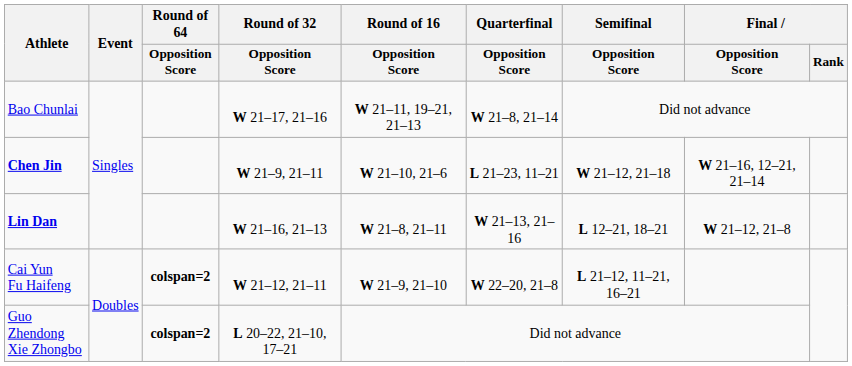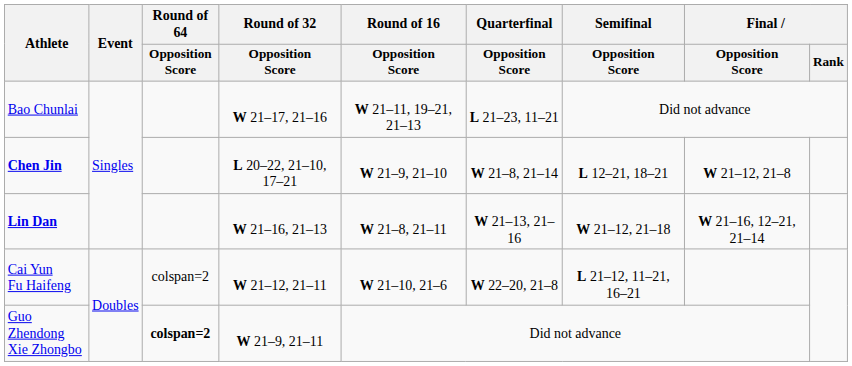 <table class=wikitable style="font-size:90%">
 <tr>
 <th rowspan="2">Athlete</th>
 <th rowspan="2">Event</th>
 <th>Round of 64</th>
 <th>Round of 32</th>
 <th>Round of 16</th>
 <th>Quarterfinal</th>
 <th>Semifinal</th>
 <th colspan=2>Final / </th>
 </tr>
 <tr style="font-size:95%">
 <th>Opposition<br>Score</th>
 <th>Opposition<br>Score</th>
 <th>Opposition<br>Score</th>
 <th>Opposition<br>Score</th>
 <th>Opposition<br>Score</th>
 <th>Opposition<br>Score</th>
 <th>Rank</th>
 </tr>
 <tr align=center>
 <td align=left><a href='#'>Bao Chunlai</a></td>
 <td align=left rowspan=3><a href='#'>Singles</a></td>
 <td></td>
 <td><br><strong>W</strong> 21–17, 21–16</td>
 <td><br><strong>W</strong> 21–11, 19–21, 21–13</td>
-<td><br><strong>W</strong> 21–8, 21–14</td>
+<td><br><strong>L</strong> 21–23, 11–21</td>
 <td colspan=3>Did not advance</td>
 </tr>
 <tr align=center>
 <td align=left><strong><a href='#'>Chen Jin</a></strong></td>
 <td></td>
-<td><br><strong>W</strong> 21–9, 21–11</td>
-<td><br><strong>W</strong> 21–10, 21–6</td>
-<td><br><strong>L</strong> 21–23, 11–21</td>
-<td><br><strong>W</strong> 21–12, 21–18</td>
-<td><br><strong>W</strong> 21–16, 12–21, 21–14</td>
+<td><br><strong>L</strong> 20–22, 21–10, 17–21</td>
+<td><br><strong>W</strong> 21–9, 21–10</td>
+<td><br><strong>W</strong> 21–8, 21–14</td>
+<td><br><strong>L</strong> 12–21, 18–21</td>
+<td><br><strong>W</strong> 21–12, 21–8</td>
 <td></td>
 </tr>
 <tr align=center>
 <td align=left><strong><a href='#'>Lin Dan</a></strong></td>
 <td></td>
 <td><br><strong>W</strong> 21–16, 21–13</td>
 <td><br><strong>W</strong> 21–8, 21–11</td>
 <td><br><strong>W</strong> 21–13, 21–16</td>
-<td><br><strong>L</strong> 12–21, 18–21</td>
-<td><br><strong>W</strong> 21–12, 21–8</td>
+<td><br><strong>W</strong> 21–12, 21–18</td>
+<td><br><strong>W</strong> 21–16, 12–21, 21–14</td>
 <td></td>
 </tr>
 <tr align=center>
 <td align=left><a href='#'>Cai Yun</a><br><a href='#'>Fu Haifeng</a></td>
 <td align=left rowspan=2><a href='#'>Doubles</a></td>
-<td><strong>colspan=2 </strong></td>
+<td>colspan=2 </td>
 <td><br><strong>W</strong> 21–12, 21–11</td>
-<td><br><strong>W</strong> 21–9, 21–10</td>
+<td><br><strong>W</strong> 21–10, 21–6</td>
 <td><br><strong>W</strong> 22–20, 21–8</td>
 <td><br><strong>L</strong> 21–12, 11–21, 16–21</td>
 <td></td>
 </tr>
 <tr align=center>
 <td align=left><a href='#'>Guo Zhendong</a><br><a href='#'>Xie Zhongbo</a></td>
 <td><strong>colspan=2 </strong></td>
-<td><br><strong>L</strong> 20–22, 21–10, 17–21</td>
+<td><br><strong>W</strong> 21–9, 21–11</td>
 <td colspan=4>Did not advance</td>
 </tr>
 </table>
